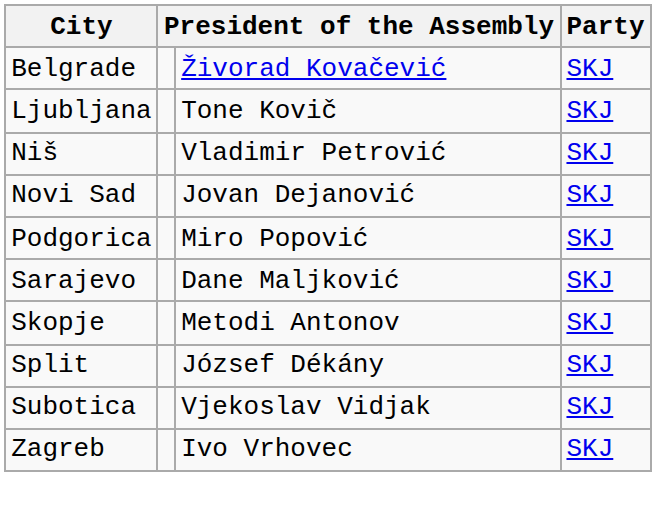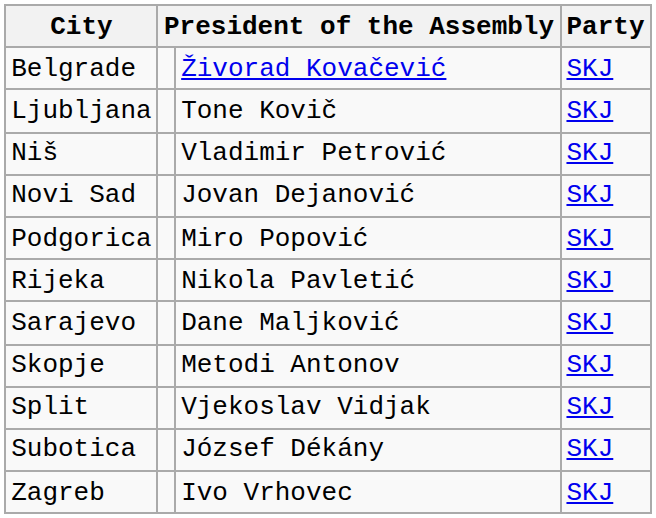 <table class="wikitable">
 <tr>
 <th style="text-align: center;">City</th>
 <th colspan="2" style="text-align: center;">President of the Assembly</th>
 <th style="text-align: center;">Party</th>
 </tr>
 <tr>
 <td>Belgrade</td>
 <td style="background:"></td>
 <td><a href='#'>Živorad Kovačević</a></td>
 <td><a href='#'>SKJ</a></td>
 </tr>
 <tr>
 <td>Ljubljana</td>
 <td style="background:"></td>
 <td>Tone Kovič</td>
 <td><a href='#'>SKJ</a></td>
 </tr>
 <tr>
 <td>Niš</td>
 <td style="background:"></td>
 <td>Vladimir Petrović</td>
 <td><a href='#'>SKJ</a></td>
 </tr>
 <tr>
 <td>Novi Sad</td>
 <td style="background:"></td>
 <td>Jovan Dejanović</td>
 <td><a href='#'>SKJ</a></td>
 </tr>
 <tr>
 <td>Podgorica</td>
 <td style="background:"></td>
 <td>Miro Popović</td>
 <td><a href='#'>SKJ</a></td>
 </tr>
 <tr>
+<td>Rijeka</td>
+<td style="background:"></td>
+<td>Nikola Pavletić</td>
+<td><a href='#'>SKJ</a></td>
+</tr>
+<tr>
 <td>Sarajevo</td>
 <td style="background:"></td>
 <td>Dane Maljković</td>
 <td><a href='#'>SKJ</a></td>
 </tr>
 <tr>
 <td>Skopje</td>
 <td style="background:"></td>
 <td>Metodi Antonov</td>
 <td><a href='#'>SKJ</a></td>
 </tr>
 <tr>
 <td>Split</td>
 <td style="background:"></td>
-<td>József Dékány</td>
+<td>Vjekoslav Vidjak</td>
 <td><a href='#'>SKJ</a></td>
 </tr>
 <tr>
 <td>Subotica</td>
 <td style="background:"></td>
-<td>Vjekoslav Vidjak</td>
+<td>József Dékány</td>
 <td><a href='#'>SKJ</a></td>
 </tr>
 <tr>
 <td>Zagreb</td>
 <td style="background:"></td>
 <td>Ivo Vrhovec</td>
 <td><a href='#'>SKJ</a></td>
 </tr>
 <tr>
 </tr>
 </table>
